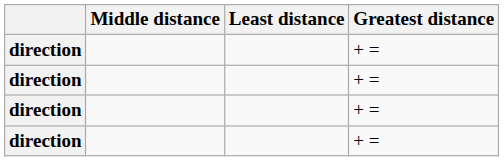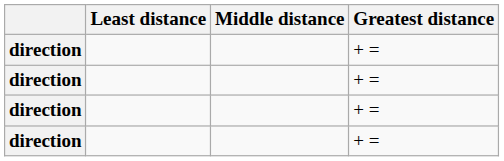 <table class="wikitable">
 <tr>
 <th></th>
+<th>Least distance</th>
 <th>Middle distance</th>
-<th>Least distance</th>
 <th>Greatest distance</th>
 </tr>
 <tr>
 <th> direction</th>
 <td></td>
 <td></td>
 <td> +  = </td>
 </tr>
 <tr>
 <th> direction</th>
 <td></td>
 <td></td>
 <td> +  = </td>
 </tr>
 <tr>
 <th> direction</th>
 <td></td>
 <td></td>
 <td> +  = </td>
 </tr>
 <tr>
 <th> direction</th>
 <td></td>
 <td></td>
 <td> +  = </td>
 </tr>
 </table>
